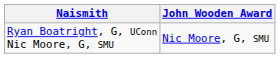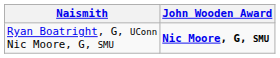 <table class="wikitable" style="white-space:nowrap; font-size:90%;">
 <tr>
 <th><a href='#'>Naismith</a></th>
 <th><a href='#'>John Wooden Award</a></th>
 </tr>
 <tr>
 <td><a href='#'>Ryan Boatright</a>, G, <small>UConn</small><br>Nic Moore, G, <small>SMU</small></td>
-<td><a href='#'>Nic Moore</a>, G, <small>SMU</small><br></td>
+<td><strong><a href='#'>Nic Moore</a>, G, <small>SMU</small><br></strong></td>
 </tr>
 </table>
